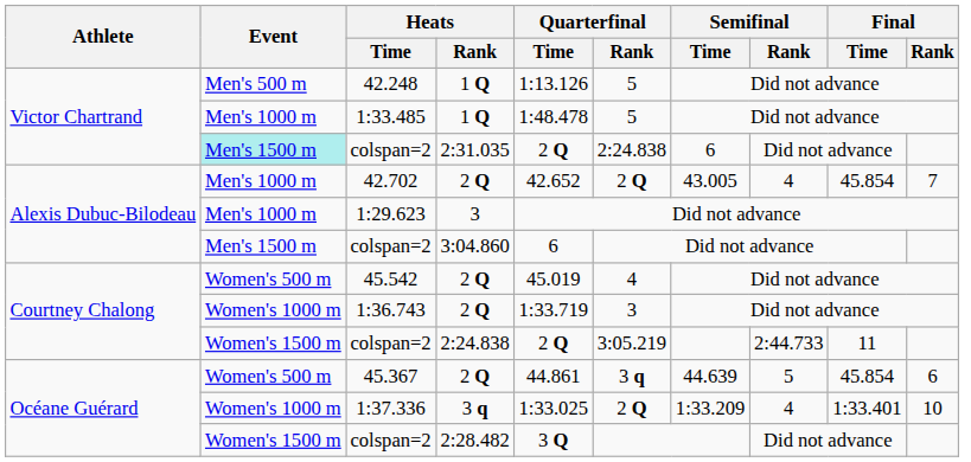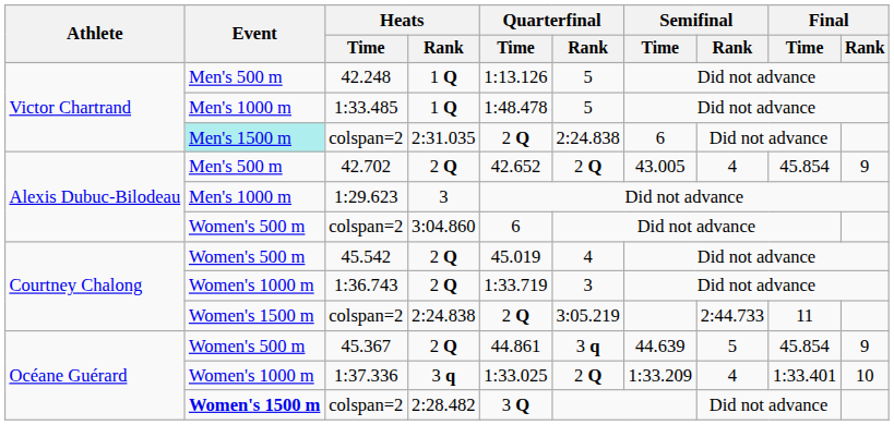 <table class="wikitable" style="font-size:90%">
 <tr>
 <th rowspan=2>Athlete</th>
 <th rowspan=2>Event</th>
 <th colspan=2>Heats</th>
 <th colspan=2>Quarterfinal</th>
 <th colspan=2>Semifinal</th>
 <th colspan=2>Final</th>
 </tr>
 <tr style="font-size:95%">
 <th>Time</th>
 <th>Rank</th>
 <th>Time</th>
 <th>Rank</th>
 <th>Time</th>
 <th>Rank</th>
 <th>Time</th>
 <th>Rank</th>
 </tr>
 <tr align=center>
 <td align=left rowspan=3><a href='#'>Victor Chartrand</a></td>
 <td align=left><a href='#'>Men's 500 m</a></td>
 <td>42.248</td>
 <td>1 <strong>Q</strong></td>
 <td>1:13.126</td>
 <td>5</td>
 <td colspan=4>Did not advance</td>
 </tr>
 <tr align=center>
 <td align=left><a href='#'>Men's 1000 m</a></td>
 <td>1:33.485</td>
 <td>1 <strong>Q</strong></td>
 <td>1:48.478</td>
 <td>5</td>
 <td colspan=4>Did not advance</td>
 </tr>
 <tr align=center>
 <td align=left style="background: paleturquoise;"><a href='#'>Men's 1500 m</a></td>
 <td>colspan=2 </td>
 <td>2:31.035</td>
 <td>2 <strong>Q</strong></td>
 <td>2:24.838</td>
 <td>6</td>
 <td colspan=2>Did not advance</td>
 </tr>
 <tr align=center>
 <td align=left rowspan=3><a href='#'>Alexis Dubuc-Bilodeau</a></td>
-<td align=left><a href='#'>Men's 1000 m</a></td>
+<td align=left><a href='#'>Men's 500 m</a></td>
 <td>42.702</td>
 <td>2 <strong>Q</strong></td>
 <td>42.652</td>
 <td>2 <strong>Q</strong></td>
 <td>43.005</td>
 <td>4 <strong></strong></td>
 <td>45.854</td>
-<td>7</td>
+<td>9</td>
 </tr>
 <tr align=center>
 <td align=left><a href='#'>Men's 1000 m</a></td>
 <td>1:29.623</td>
 <td>3</td>
 <td colspan=6>Did not advance</td>
 </tr>
 <tr align=center>
-<td align=left><a href='#'>Men's 1500 m</a></td>
+<td align=left><a href='#'>Women's 500 m</a></td>
 <td>colspan=2 </td>
 <td>3:04.860</td>
 <td>6</td>
 <td colspan=4>Did not advance</td>
 </tr>
 <tr align=center>
 <td align=left rowspan=3><a href='#'>Courtney Chalong</a></td>
 <td align=left><a href='#'>Women's 500 m</a></td>
 <td>45.542</td>
 <td>2 <strong>Q</strong></td>
 <td>45.019</td>
 <td>4</td>
 <td colspan=4>Did not advance</td>
 </tr>
 <tr align=center>
 <td align=left><a href='#'>Women's 1000 m</a></td>
 <td>1:36.743</td>
 <td>2 <strong>Q</strong></td>
 <td>1:33.719</td>
 <td>3</td>
 <td colspan=4>Did not advance</td>
 </tr>
 <tr align=center>
 <td align=left><a href='#'>Women's 1500 m</a></td>
 <td>colspan=2 </td>
 <td>2:24.838</td>
 <td>2 <strong>Q</strong></td>
 <td>3:05.219</td>
 <td><strong></strong></td>
 <td>2:44.733</td>
 <td>11</td>
 </tr>
 <tr align=center>
 <td align=left rowspan=3><a href='#'>Océane Guérard</a></td>
 <td align=left><a href='#'>Women's 500 m</a></td>
 <td>45.367</td>
 <td>2 <strong>Q</strong></td>
 <td>44.861</td>
 <td>3 <strong>q</strong></td>
 <td>44.639</td>
 <td>5 <strong></strong></td>
 <td>45.854</td>
-<td>6</td>
+<td>9</td>
 </tr>
 <tr align=center>
 <td align=left><a href='#'>Women's 1000 m</a></td>
 <td>1:37.336</td>
 <td>3 <strong>q</strong></td>
 <td>1:33.025</td>
 <td>2 <strong>Q</strong></td>
 <td>1:33.209</td>
 <td>4 <strong></strong></td>
 <td>1:33.401</td>
 <td>10</td>
 </tr>
 <tr align=center>
-<td align=left><a href='#'>Women's 1500 m</a></td>
+<td align=left><strong><a href='#'>Women's 1500 m</a></strong></td>
 <td>colspan=2 </td>
 <td>2:28.482</td>
 <td>3 <strong>Q</strong></td>
 <td colspan=2></td>
 <td colspan=2>Did not advance</td>
 </tr>
 </table>
